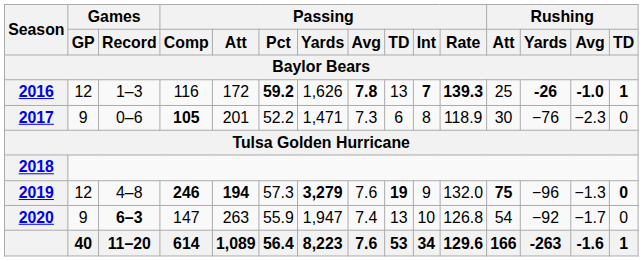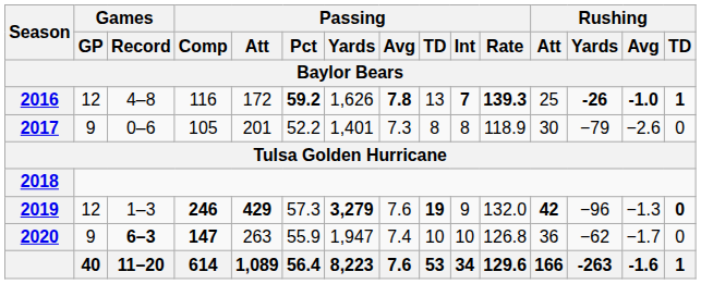 <table class="wikitable" style="text-align:center;">
 <tr>
 <th rowspan="2">Season</th>
 <th colspan="2">Games</th>
 <th colspan="8">Passing</th>
 <th colspan="4">Rushing</th>
 </tr>
 <tr>
 <th>GP</th>
 <th>Record</th>
 <th>Comp</th>
 <th>Att</th>
 <th>Pct</th>
 <th>Yards</th>
 <th>Avg</th>
 <th>TD</th>
 <th>Int</th>
 <th>Rate</th>
 <th>Att</th>
 <th>Yards</th>
 <th>Avg</th>
 <th>TD</th>
 </tr>
 <tr>
 <th colspan="16">Baylor Bears</th>
 </tr>
 <tr>
 <th><a href='#'>2016</a></th>
 <td>12</td>
-<td>1–3</td>
+<td>4–8</td>
 <td>116</td>
 <td>172</td>
 <td><strong>59.2</strong></td>
 <td>1,626</td>
 <td><strong>7.8</strong></td>
 <td>13</td>
 <td><strong>7</strong></td>
 <td><strong>139.3</strong></td>
 <td>25</td>
 <td><strong>-26</strong></td>
 <td><strong>-1.0</strong></td>
 <td><strong>1</strong></td>
 </tr>
 <tr>
 <th><a href='#'>2017</a></th>
 <td>9</td>
 <td>0–6</td>
-<td><strong>105</strong></td>
+<td>105</td>
 <td>201</td>
 <td>52.2</td>
-<td>1,471</td>
+<td>1,401</td>
 <td>7.3</td>
-<td>6</td>
+<td>8</td>
 <td>8</td>
 <td>118.9</td>
 <td>30</td>
-<td>−76</td>
-<td>−2.3</td>
+<td>−79</td>
+<td>−2.6</td>
 <td>0</td>
 </tr>
 <tr>
 <th colspan="16">Tulsa Golden Hurricane</th>
 </tr>
 <tr>
 <th><a href='#'>2018</a></th>
 <td colspan="15"></td>
 </tr>
 <tr>
 <th><a href='#'>2019</a></th>
 <td>12</td>
-<td>4–8</td>
+<td>1–3</td>
 <td><strong>246</strong></td>
-<td><strong>194</strong></td>
+<td><strong>429</strong></td>
 <td>57.3</td>
 <td><strong>3,279</strong></td>
 <td>7.6</td>
 <td><strong>19</strong></td>
 <td>9</td>
 <td>132.0</td>
-<td><strong>75</strong></td>
+<td><strong>42</strong></td>
 <td>−96</td>
 <td>−1.3</td>
 <td><strong>0</strong></td>
 </tr>
 <tr>
 <th><a href='#'>2020</a></th>
 <td>9</td>
 <td><strong>6–3</strong></td>
-<td>147</td>
+<td><strong>147</strong></td>
 <td>263</td>
 <td>55.9</td>
 <td>1,947</td>
 <td>7.4</td>
-<td>13</td>
+<td>10</td>
 <td>10</td>
 <td>126.8</td>
-<td>54</td>
-<td>−92</td>
+<td>36</td>
+<td>−62</td>
 <td>−1.7</td>
 <td>0</td>
 </tr>
 <tr>
 <th></th>
 <th>40</th>
 <th>11–20</th>
 <th>614</th>
 <th>1,089</th>
 <th>56.4</th>
 <th>8,223</th>
 <th>7.6</th>
 <th>53</th>
 <th>34</th>
 <th>129.6</th>
 <th>166</th>
 <th>-263</th>
 <th>-1.6</th>
 <th>1</th>
 </tr>
 </table>
